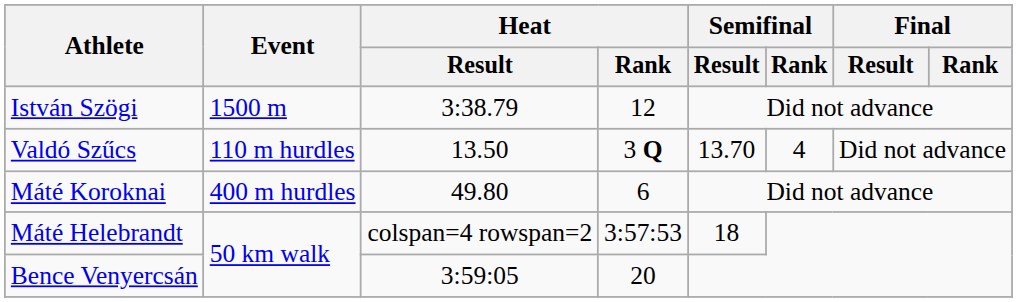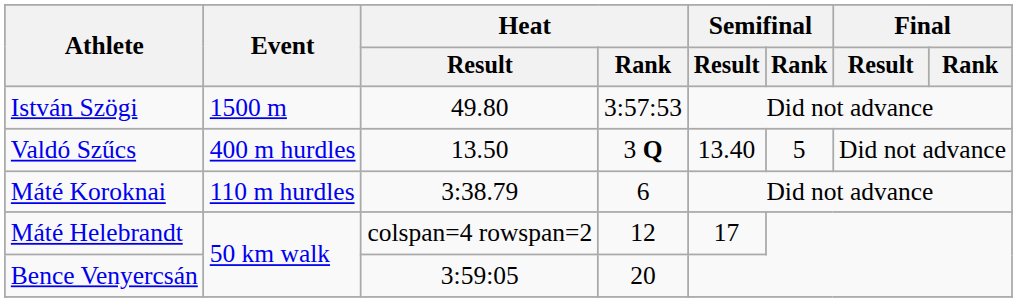 <table class="wikitable" style="font-size:90%">
 <tr>
 <th rowspan="2">Athlete</th>
 <th rowspan="2">Event</th>
 <th colspan="2">Heat</th>
 <th colspan="2">Semifinal</th>
 <th colspan="2">Final</th>
 </tr>
 <tr style="font-size:95%">
 <th>Result</th>
 <th>Rank</th>
 <th>Result</th>
 <th>Rank</th>
 <th>Result</th>
 <th>Rank</th>
 </tr>
 <tr align=center>
 <td align=left><a href='#'>István Szögi</a></td>
 <td align=left><a href='#'>1500 m</a></td>
-<td>3:38.79</td>
-<td>12</td>
+<td>49.80</td>
+<td>3:57:53</td>
 <td colspan="4">Did not advance</td>
 </tr>
 <tr align=center>
 <td align=left><a href='#'>Valdó Szűcs</a></td>
-<td align=left><a href='#'>110 m hurdles</a></td>
+<td align=left><a href='#'>400 m hurdles</a></td>
 <td>13.50</td>
 <td>3 <strong>Q</strong></td>
-<td>13.70</td>
-<td>4</td>
+<td>13.40</td>
+<td>5</td>
 <td colspan="2">Did not advance</td>
 </tr>
 <tr align=center>
 <td align=left><a href='#'>Máté Koroknai</a></td>
-<td align=left><a href='#'>400 m hurdles</a></td>
-<td>49.80</td>
+<td align=left><a href='#'>110 m hurdles</a></td>
+<td>3:38.79</td>
 <td>6</td>
 <td colspan="4">Did not advance</td>
 </tr>
 <tr align=center>
 <td align=left><a href='#'>Máté Helebrandt</a></td>
 <td align=left rowspan=2><a href='#'>50 km walk</a></td>
 <td>colspan=4 rowspan=2 </td>
-<td>3:57:53</td>
-<td>18</td>
+<td>12</td>
+<td>17</td>
 </tr>
 <tr align=center>
 <td align=left><a href='#'>Bence Venyercsán</a></td>
 <td>3:59:05</td>
 <td>20</td>
 </tr>
 </table>
